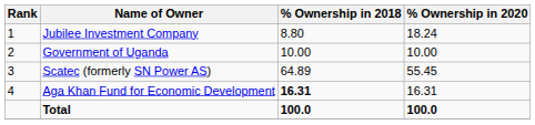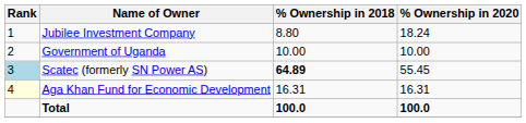 <table class="wikitable sortable">
 <tr>
 <th style="width:2em;">Rank</th>
 <th>Name of Owner</th>
 <th>% Ownership in 2018</th>
 <th>% Ownership in 2020</th>
 </tr>
 <tr>
 <td>1</td>
 <td><a href='#'>Jubilee Investment Company</a></td>
 <td>8.80</td>
 <td>18.24</td>
 </tr>
 <tr>
 <td>2</td>
 <td><a href='#'>Government of Uganda</a></td>
 <td>10.00</td>
 <td>10.00</td>
 </tr>
 <tr>
-<td>3</td>
+<td style="background: lightblue;">3</td>
 <td><a href='#'>Scatec</a> (formerly <a href='#'>SN Power AS</a>)</td>
-<td>64.89</td>
+<td><strong>64.89</strong></td>
 <td>55.45</td>
 </tr>
 <tr>
-<td>4</td>
+<td style="background: lightyellow;">4</td>
 <td><a href='#'>Aga Khan Fund for Economic Development</a></td>
-<td><strong>16.31</strong></td>
+<td>16.31</td>
 <td>16.31</td>
 </tr>
 <tr>
 <td></td>
 <td><strong>Total</strong></td>
 <td><strong>100.0</strong></td>
 <td><strong>100.0</strong></td>
 </tr>
 <tr>
 </tr>
 </table>
